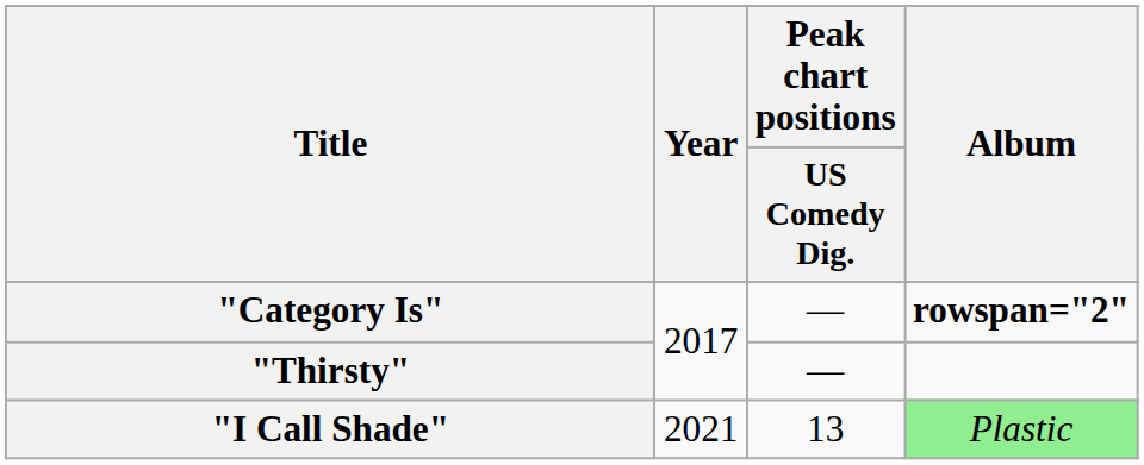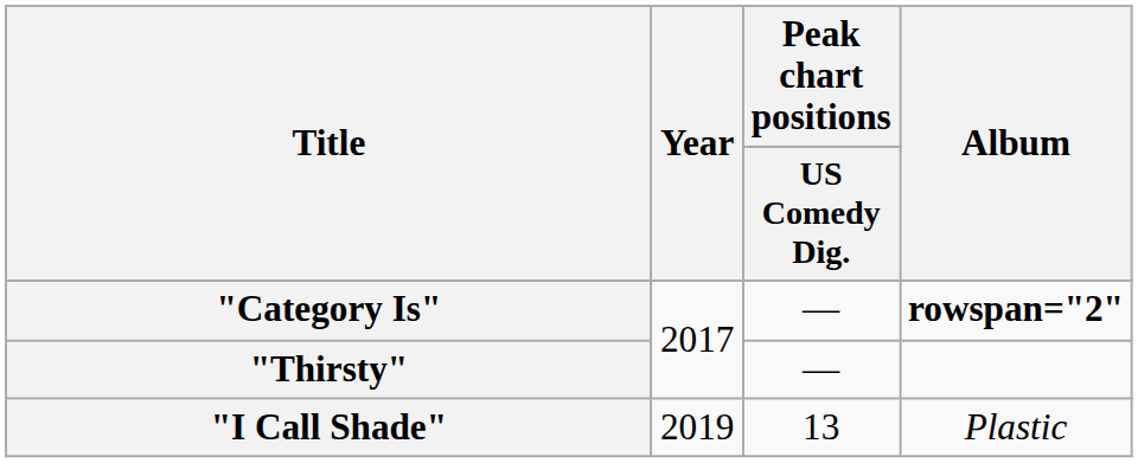 <table class="wikitable plainrowheaders" style="text-align:center;">
 <tr>
 <th scope="col" rowspan="2" style="width:17em;">Title</th>
 <th scope="col" rowspan="2">Year</th>
 <th scope="col" colspan="1">Peak chart positions</th>
 <th scope="col" rowspan="2">Album</th>
 </tr>
 <tr>
 <th scope="col" style="width:2.5em;font-size:90%;">US Comedy Dig.<br></th>
 </tr>
 <tr>
 <th scope="row">"Category Is"<br></th>
 <td rowspan="2">2017</td>
 <td>—</td>
 <td><strong>rowspan="2" </strong></td>
 </tr>
 <tr>
 <th scope="row">"Thirsty"<br></th>
 <td>—</td>
 </tr>
 <tr>
 <th scope="row">"I Call Shade"<br></th>
-<td>2021</td>
+<td>2019</td>
 <td>13</td>
-<td style="background: lightgreen;"><em>Plastic</em></td>
+<td><em>Plastic</em></td>
 </tr>
 </table>
